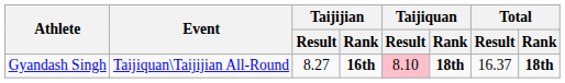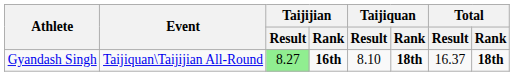 <table class=wikitable style="font-size:90%">
 <tr>
 <th rowspan="2">Athlete</th>
 <th rowspan="2">Event</th>
 <th colspan="2">Taijijian</th>
 <th colspan="2">Taijiquan</th>
 <th colspan="2">Total</th>
 </tr>
 <tr>
 <th>Result</th>
 <th>Rank</th>
 <th>Result</th>
 <th>Rank</th>
 <th>Result</th>
 <th>Rank</th>
 </tr>
 <tr>
 <td><a href='#'>Gyandash Singh</a></td>
 <td><a href='#'>Taijiquan\Taijijian All-Round</a></td>
-<td align=center>8.27</td>
+<td align=center style="background: lightgreen;">8.27</td>
 <td align=center><strong>16th</strong></td>
-<td align=center style="background: pink;">8.10</td>
+<td align=center>8.10</td>
 <td align=center><strong>18th</strong></td>
 <td align=center>16.37</td>
 <td align=center><strong>18th</strong></td>
 </tr>
 </table>
